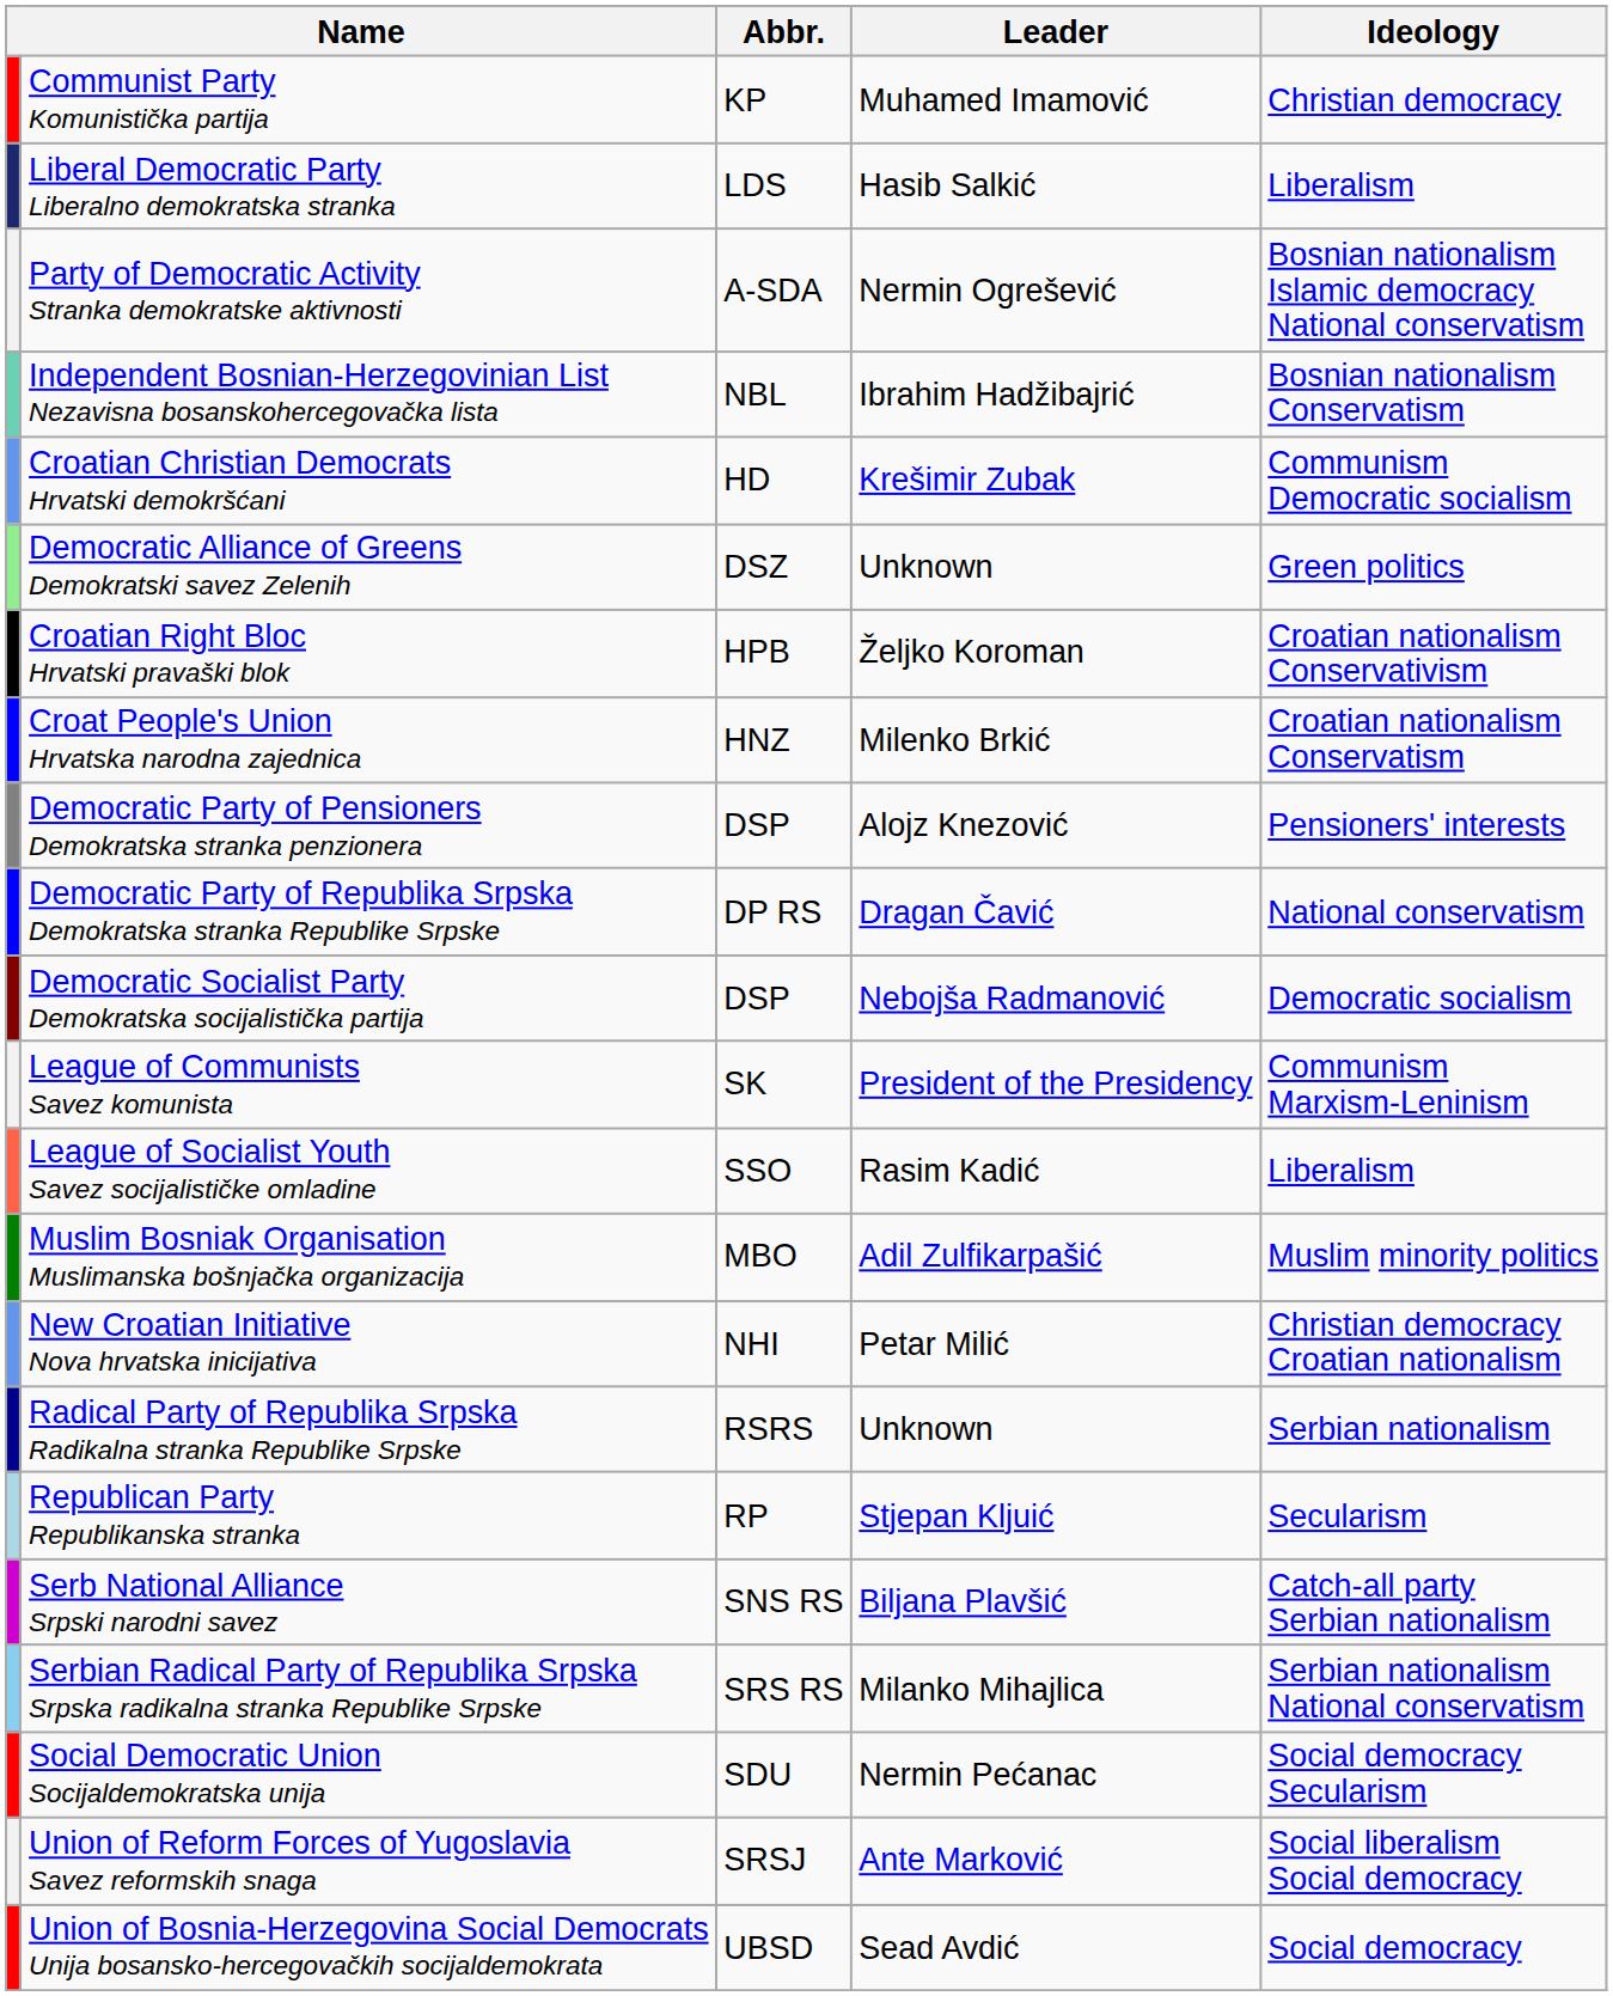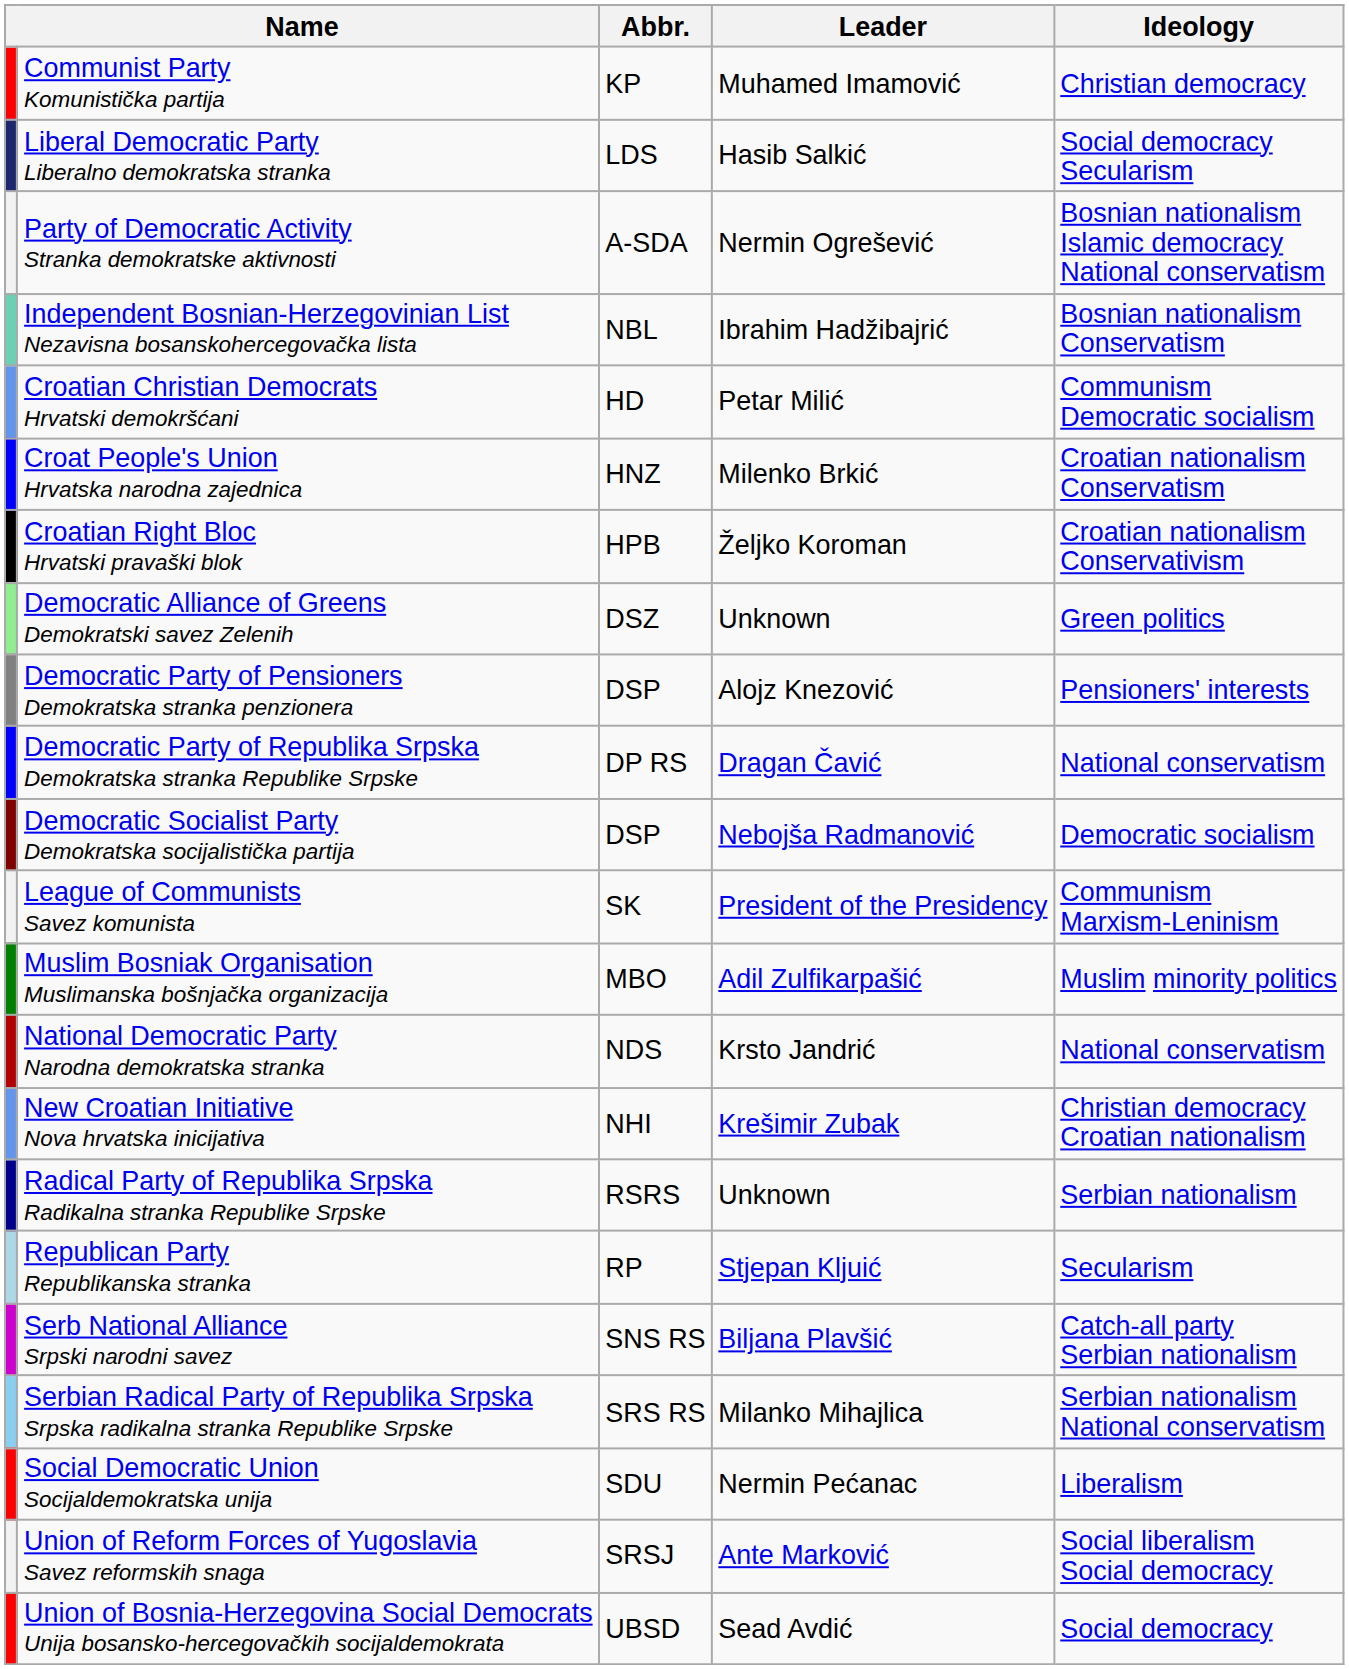 <table class="wikitable" style="text-align; font-size:85%;">
 <tr>
 <th colspan="2">Name</th>
 <th>Abbr.</th>
 <th>Leader</th>
 <th>Ideology</th>
 </tr>
 <tr>
 <th style="background-color: Red"></th>
 <td><a href='#'>Communist Party</a> <br><small><em>Komunistička partija</em></small></td>
 <td>KP</td>
 <td>Muhamed Imamović</td>
 <td><a href='#'>Christian democracy</a></td>
 </tr>
 <tr>
 <th style="background-color: #1C276D"></th>
 <td><a href='#'>Liberal Democratic Party</a><br><small><em>Liberalno demokratska stranka</em></small></td>
 <td>LDS</td>
 <td>Hasib Salkić</td>
-<td><a href='#'>Liberalism</a></td>
+<td><a href='#'>Social democracy</a><br><a href='#'>Secularism</a></td>
 </tr>
 <tr>
 <th style="background-color: "></th>
 <td><a href='#'>Party of Democratic Activity</a><br><small><em>Stranka demokratske aktivnosti</em></small></td>
 <td>A-SDA</td>
 <td>Nermin Ogrešević</td>
 <td><a href='#'>Bosnian nationalism</a> <br> <a href='#'>Islamic democracy</a> <br> <a href='#'>National conservatism</a></td>
 </tr>
 <tr>
 <th style="background-color: #6AD1B5"></th>
 <td><a href='#'>Independent Bosnian-Herzegovinian List</a><br><small><em>Nezavisna bosanskohercegovačka lista</em></small></td>
 <td>NBL</td>
 <td>Ibrahim Hadžibajrić</td>
 <td><a href='#'>Bosnian nationalism</a> <br> <a href='#'>Conservatism</a></td>
 </tr>
 <tr>
 <th style="background-color: cornflowerblue"></th>
 <td><a href='#'>Croatian Christian Democrats</a> <br><small><em>Hrvatski demokršćani</em></small></td>
 <td>HD</td>
-<td><a href='#'>Krešimir Zubak</a></td>
+<td>Petar Milić</td>
 <td><a href='#'>Communism</a><br><a href='#'>Democratic socialism</a></td>
 </tr>
 <tr>
-<th style="background-color: lightgreen"></th>
-<td><a href='#'>Democratic Alliance of Greens</a> <br><small><em>Demokratski savez Zelenih</em></small></td>
-<td>DSZ</td>
-<td>Unknown</td>
-<td><a href='#'>Green politics</a></td>
+<th style="background-color: Blue"></th>
+<td><a href='#'>Croat People's Union</a> <br><small><em>Hrvatska narodna zajednica</em></small></td>
+<td>HNZ</td>
+<td>Milenko Brkić</td>
+<td><a href='#'>Croatian nationalism</a><br><a href='#'>Conservatism</a></td>
 </tr>
 <tr>
 <th style="background-color: Black"></th>
 <td><a href='#'>Croatian Right Bloc</a> <br><small><em>Hrvatski pravaški blok</em></small></td>
 <td>HPB</td>
 <td>Željko Koroman</td>
 <td><a href='#'>Croatian nationalism</a><br><a href='#'>Conservativism</a></td>
 </tr>
 <tr>
-<th style="background-color: Blue"></th>
-<td><a href='#'>Croat People's Union</a> <br><small><em>Hrvatska narodna zajednica</em></small></td>
-<td>HNZ</td>
-<td>Milenko Brkić</td>
-<td><a href='#'>Croatian nationalism</a><br><a href='#'>Conservatism</a></td>
+<th style="background-color: lightgreen"></th>
+<td><a href='#'>Democratic Alliance of Greens</a> <br><small><em>Demokratski savez Zelenih</em></small></td>
+<td>DSZ</td>
+<td>Unknown</td>
+<td><a href='#'>Green politics</a></td>
 </tr>
 <tr>
 <th style="background-color: Gray"></th>
 <td><a href='#'>Democratic Party of Pensioners</a> <br><small><em>Demokratska stranka penzionera</em></small></td>
 <td>DSP</td>
 <td>Alojz Knezović</td>
 <td><a href='#'>Pensioners' interests</a></td>
 </tr>
 <tr>
 <th style="background-color: blue"></th>
 <td><a href='#'>Democratic Party of Republika Srpska</a> <br><small><em>Demokratska stranka Republike Srpske</em></small></td>
 <td>DP RS</td>
 <td><a href='#'>Dragan Čavić</a></td>
 <td><a href='#'>National conservatism</a></td>
 </tr>
 <tr>
 <th style="background-color: maroon"></th>
 <td><a href='#'>Democratic Socialist Party</a> <br><small><em>Demokratska socijalistička partija</em></small></td>
 <td>DSP</td>
 <td><a href='#'>Nebojša Radmanović</a></td>
 <td><a href='#'>Democratic socialism</a></td>
 </tr>
 <tr>
 <th style="background-color: "></th>
 <td><a href='#'>League of Communists</a> <br><small><em>Savez komunista</em></small></td>
 <td>SK</td>
 <td><a href='#'>President of the Presidency</a></td>
 <td><a href='#'>Communism</a><br><a href='#'>Marxism-Leninism</a></td>
 </tr>
 <tr>
-<th style="background-color: #FF6347"></th>
-<td><a href='#'>League of Socialist Youth</a> <br><small><em>Savez socijalističke omladine</em></small></td>
-<td>SSO</td>
-<td>Rasim Kadić</td>
-<td><a href='#'>Liberalism</a></td>
-</tr>
-<tr>
 <th style="background-color: Green"></th>
 <td><a href='#'>Muslim Bosniak Organisation</a> <br><small><em>Muslimanska bošnjačka organizacija</em></small></td>
 <td>MBO</td>
 <td><a href='#'>Adil Zulfikarpašić</a></td>
 <td><a href='#'>Muslim</a> <a href='#'>minority politics</a></td>
 </tr>
 <tr>
+<th style="background-color: #b30000"></th>
+<td><a href='#'>National Democratic Party</a> <br><small><em>Narodna demokratska stranka</em></small></td>
+<td>NDS</td>
+<td>Krsto Jandrić</td>
+<td><a href='#'>National conservatism</a></td>
+</tr>
+<tr>
 <th style="background-color: cornflowerblue"></th>
 <td><a href='#'>New Croatian Initiative</a> <br><small><em>Nova hrvatska inicijativa</em></small></td>
 <td>NHI</td>
-<td>Petar Milić</td>
+<td><a href='#'>Krešimir Zubak</a></td>
 <td><a href='#'>Christian democracy</a><br><a href='#'>Croatian nationalism</a></td>
 </tr>
 <tr>
 <th style="background-color: Darkblue"></th>
 <td><a href='#'>Radical Party of Republika Srpska</a> <br><small><em>Radikalna stranka Republike Srpske</em></small></td>
 <td>RSRS</td>
 <td>Unknown</td>
 <td><a href='#'>Serbian nationalism</a></td>
 </tr>
 <tr>
 <th style="background-color: Lightblue"></th>
 <td><a href='#'>Republican Party</a> <br><small><em>Republikanska stranka</em></small></td>
 <td>RP</td>
 <td><a href='#'>Stjepan Kljuić</a></td>
 <td><a href='#'>Secularism</a></td>
 </tr>
 <tr>
 <th style="background-color: #CD00CD"></th>
 <td><a href='#'>Serb National Alliance</a> <br><small><em>Srpski narodni savez</em></small></td>
 <td>SNS RS</td>
 <td><a href='#'>Biljana Plavšić</a></td>
 <td><a href='#'>Catch-all party</a><br><a href='#'>Serbian nationalism</a></td>
 </tr>
 <tr>
 <th style="background-color: #89CFF0"></th>
 <td><a href='#'>Serbian Radical Party of Republika Srpska</a><br><small><em>Srpska radikalna stranka Republike Srpske</em></small></td>
 <td>SRS RS</td>
 <td>Milanko Mihajlica</td>
 <td><a href='#'>Serbian nationalism</a><br><a href='#'>National conservatism</a></td>
 </tr>
 <tr>
 <th style="background-color: Red"></th>
 <td><a href='#'>Social Democratic Union</a> <br><small><em>Socijaldemokratska unija</em></small></td>
 <td>SDU</td>
 <td>Nermin Pećanac</td>
-<td><a href='#'>Social democracy</a><br><a href='#'>Secularism</a></td>
+<td><a href='#'>Liberalism</a></td>
 </tr>
 <tr>
 <th style="background-color: "></th>
 <td><a href='#'>Union of Reform Forces of Yugoslavia</a> <br><small><em>Savez reformskih snaga</em></small></td>
 <td>SRSJ</td>
 <td><a href='#'>Ante Marković</a></td>
 <td><a href='#'>Social liberalism</a><br><a href='#'>Social democracy</a></td>
 </tr>
 <tr>
 <th style="background-color: Red"></th>
 <td><a href='#'>Union of Bosnia-Herzegovina Social Democrats</a> <br><small><em>Unija bosansko-hercegovačkih socijaldemokrata</em></small></td>
 <td>UBSD</td>
 <td>Sead Avdić</td>
 <td><a href='#'>Social democracy</a></td>
 </tr>
 </table>
